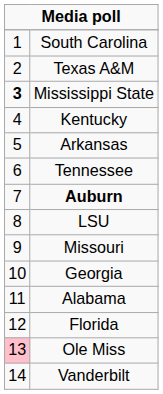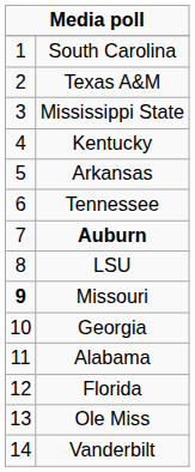 <table class="wikitable">
 <tr align="center">
 <td align="center" Colspan="3"><strong>Media poll</strong></td>
 </tr>
 <tr align="center">
 </tr>
 <tr align="center">
 <td>1</td>
 <td>South Carolina</td>
 </tr>
 <tr align="center">
 <td>2</td>
 <td>Texas A&M</td>
 </tr>
 <tr align="center">
-<td><strong>3</strong></td>
+<td>3</td>
 <td>Mississippi State</td>
 </tr>
 <tr align="center">
 <td>4</td>
 <td>Kentucky</td>
 </tr>
 <tr align="center">
 <td>5</td>
 <td>Arkansas</td>
 </tr>
 <tr align="center">
 <td>6</td>
 <td>Tennessee</td>
 </tr>
 <tr align="center">
 <td>7</td>
 <td><strong>Auburn</strong></td>
 </tr>
 <tr align="center">
 <td>8</td>
 <td>LSU</td>
 </tr>
 <tr align="center">
-<td>9</td>
+<td><strong>9</strong></td>
 <td>Missouri</td>
 </tr>
 <tr align="center">
 <td>10</td>
 <td>Georgia</td>
 </tr>
 <tr align="center">
 <td>11</td>
 <td>Alabama</td>
 </tr>
 <tr align="center">
 <td>12</td>
 <td>Florida</td>
 </tr>
 <tr align="center">
-<td style="background: pink;">13</td>
+<td>13</td>
 <td>Ole Miss</td>
 </tr>
 <tr align="center">
 <td>14</td>
 <td>Vanderbilt</td>
 </tr>
 </table>
